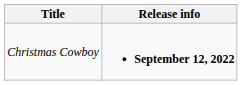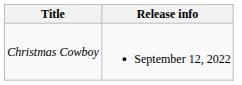 <table class="wikitable">
 <tr>
 <th>Title</th>
 <th>Release info</th>
 </tr>
 <tr>
 <td><em>Christmas Cowboy</em></td>
-<td><strong><br><ul><li>September 12, 2022</li></ul></strong></td>
+<td><br><ul><li>September 12, 2022</li></ul></td>
 </tr>
 </table>
